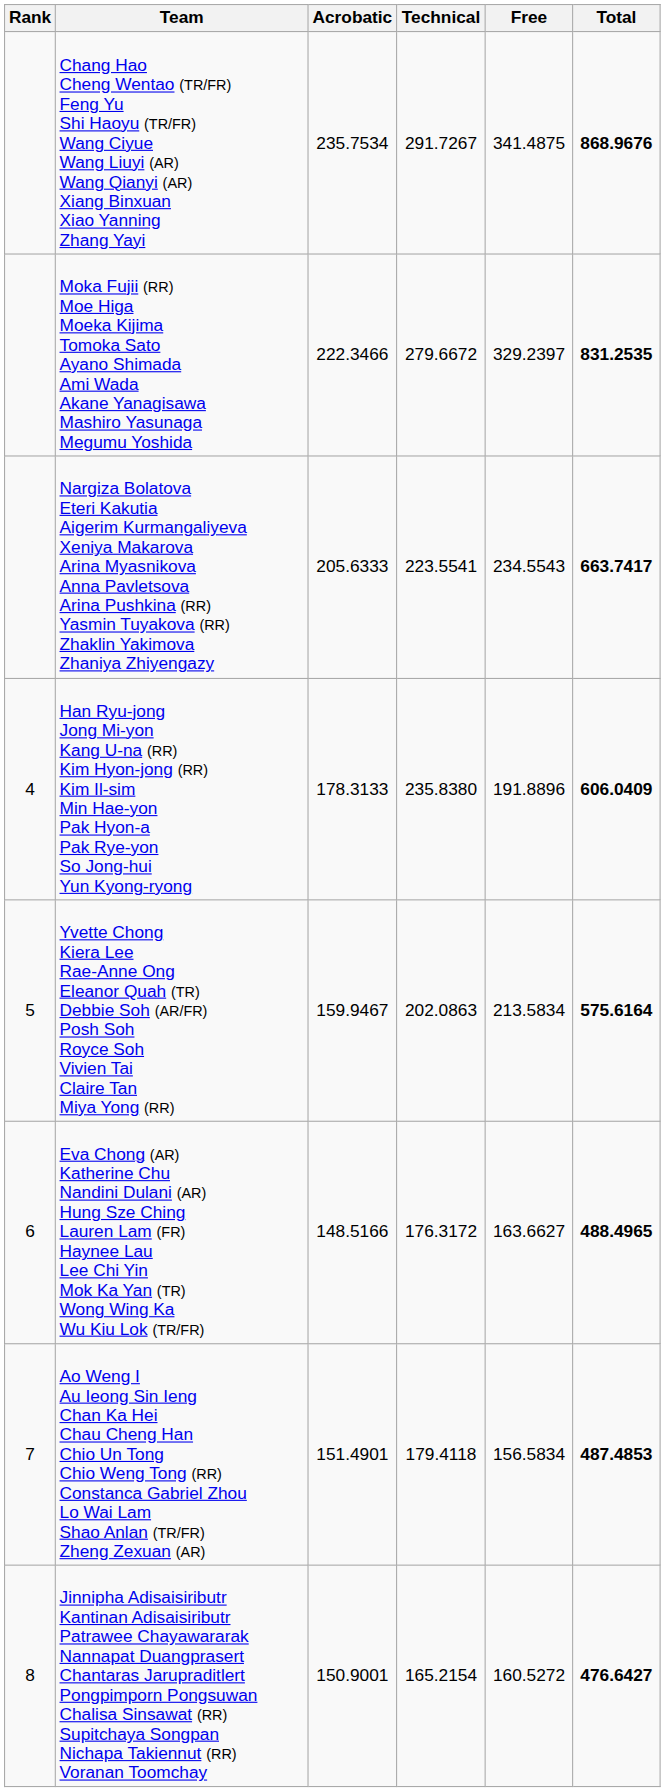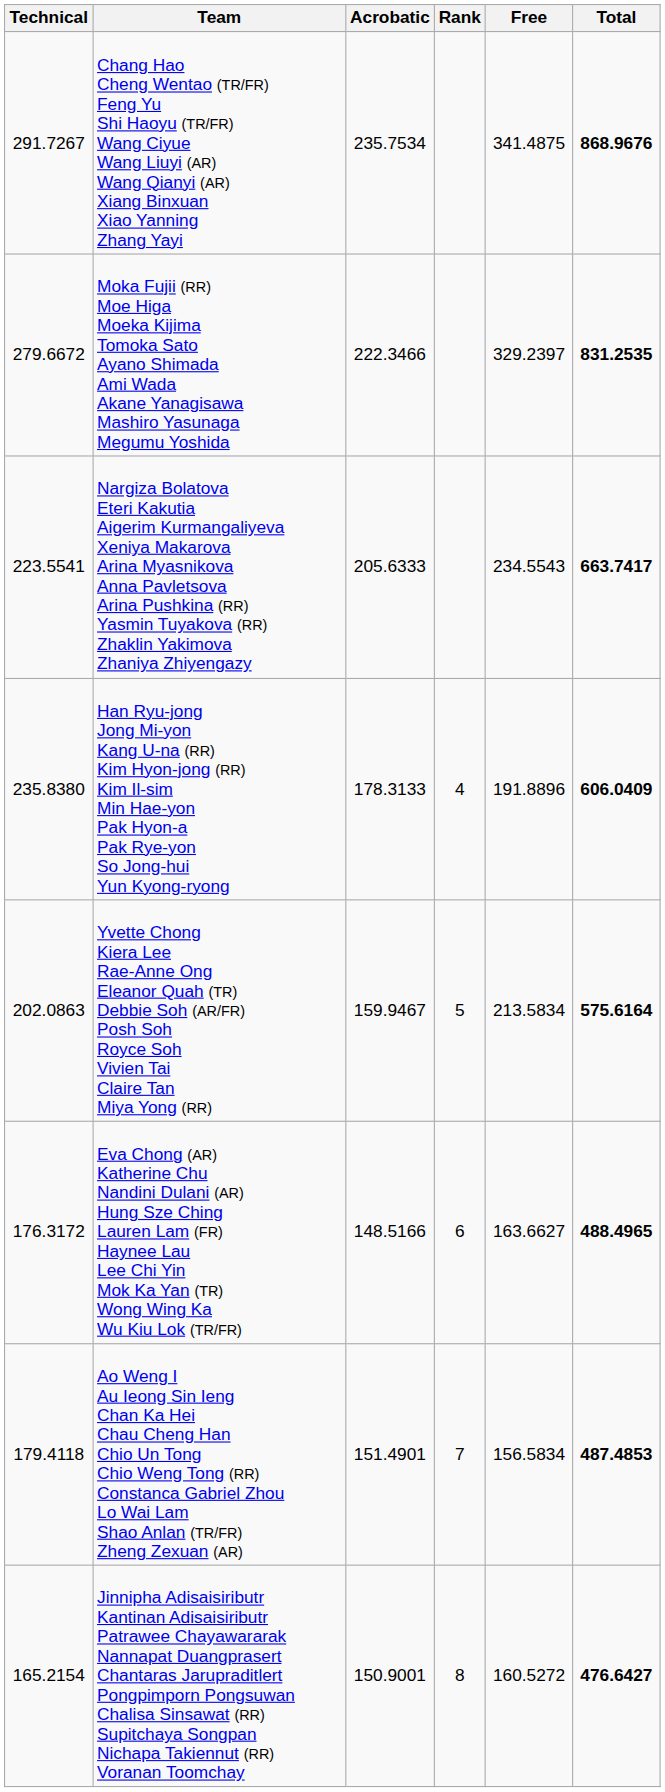 <table class=wikitable style="text-align:center">
 <tr>
-<th width=40>Rank</th>
+<th width=75>Technical</th>
 <th width=250>Team</th>
 <th width=75>Acrobatic</th>
-<th width=75>Technical</th>
+<th width=40>Rank</th>
 <th width=75>Free</th>
 <th width=75>Total</th>
 </tr>
 <tr>
-<td></td>
+<td>291.7267</td>
 <td align=left><br><a href='#'>Chang Hao</a><br><a href='#'>Cheng Wentao</a> <small>(TR/FR)</small><br><a href='#'>Feng Yu</a><br><a href='#'>Shi Haoyu</a> <small>(TR/FR)</small><br><a href='#'>Wang Ciyue</a><br><a href='#'>Wang Liuyi</a> <small>(AR)</small><br><a href='#'>Wang Qianyi</a> <small>(AR)</small><br><a href='#'>Xiang Binxuan</a><br><a href='#'>Xiao Yanning</a><br><a href='#'>Zhang Yayi</a></td>
 <td>235.7534</td>
-<td>291.7267</td>
+<td></td>
 <td>341.4875</td>
 <td><strong>868.9676</strong></td>
 </tr>
 <tr>
-<td></td>
+<td>279.6672</td>
 <td align=left><br><a href='#'>Moka Fujii</a> <small>(RR)</small><br><a href='#'>Moe Higa</a><br><a href='#'>Moeka Kijima</a><br><a href='#'>Tomoka Sato</a><br><a href='#'>Ayano Shimada</a> <br><a href='#'>Ami Wada</a><br><a href='#'>Akane Yanagisawa</a><br><a href='#'>Mashiro Yasunaga</a><br><a href='#'>Megumu Yoshida</a></td>
 <td>222.3466</td>
-<td>279.6672</td>
+<td></td>
 <td>329.2397</td>
 <td><strong>831.2535</strong></td>
 </tr>
 <tr>
-<td></td>
+<td>223.5541</td>
 <td align=left><br><a href='#'>Nargiza Bolatova</a><br><a href='#'>Eteri Kakutia</a><br><a href='#'>Aigerim Kurmangaliyeva</a><br><a href='#'>Xeniya Makarova</a><br><a href='#'>Arina Myasnikova</a><br><a href='#'>Anna Pavletsova</a><br><a href='#'>Arina Pushkina</a> <small>(RR)</small><br><a href='#'>Yasmin Tuyakova</a> <small>(RR)</small><br><a href='#'>Zhaklin Yakimova</a><br><a href='#'>Zhaniya Zhiyengazy</a></td>
 <td>205.6333</td>
-<td>223.5541</td>
+<td></td>
 <td>234.5543</td>
 <td><strong>663.7417</strong></td>
 </tr>
 <tr>
-<td>4</td>
+<td>235.8380</td>
 <td align=left><br><a href='#'>Han Ryu-jong</a><br><a href='#'>Jong Mi-yon</a><br><a href='#'>Kang U-na</a> <small>(RR)</small><br><a href='#'>Kim Hyon-jong</a> <small>(RR)</small><br><a href='#'>Kim Il-sim</a><br><a href='#'>Min Hae-yon</a><br><a href='#'>Pak Hyon-a</a><br><a href='#'>Pak Rye-yon</a><br><a href='#'>So Jong-hui</a> <br><a href='#'>Yun Kyong-ryong</a></td>
 <td>178.3133</td>
-<td>235.8380</td>
+<td>4</td>
 <td>191.8896</td>
 <td><strong>606.0409</strong></td>
 </tr>
 <tr>
-<td>5</td>
+<td>202.0863</td>
 <td align=left><br><a href='#'>Yvette Chong</a><br><a href='#'>Kiera Lee</a><br><a href='#'>Rae-Anne Ong</a><br><a href='#'>Eleanor Quah</a> <small>(TR)</small><br><a href='#'>Debbie Soh</a> <small>(AR/FR)</small><br><a href='#'>Posh Soh</a><br><a href='#'>Royce Soh</a><br><a href='#'>Vivien Tai</a><br><a href='#'>Claire Tan</a><br><a href='#'>Miya Yong</a> <small>(RR)</small></td>
 <td>159.9467</td>
-<td>202.0863</td>
+<td>5</td>
 <td>213.5834</td>
 <td><strong>575.6164</strong></td>
 </tr>
 <tr>
-<td>6</td>
+<td>176.3172</td>
 <td align=left><br><a href='#'>Eva Chong</a> <small>(AR)</small><br><a href='#'>Katherine Chu</a><br><a href='#'>Nandini Dulani</a> <small>(AR)</small><br><a href='#'>Hung Sze Ching</a><br><a href='#'>Lauren Lam</a> <small>(FR)</small><br><a href='#'>Haynee Lau</a><br><a href='#'>Lee Chi Yin</a><br><a href='#'>Mok Ka Yan</a> <small>(TR)</small><br><a href='#'>Wong Wing Ka</a><br><a href='#'>Wu Kiu Lok</a> <small>(TR/FR)</small></td>
 <td>148.5166</td>
-<td>176.3172</td>
+<td>6</td>
 <td>163.6627</td>
 <td><strong>488.4965</strong></td>
 </tr>
 <tr>
-<td>7</td>
+<td>179.4118</td>
 <td align=left><br><a href='#'>Ao Weng I</a><br><a href='#'>Au Ieong Sin Ieng</a> <br><a href='#'>Chan Ka Hei</a><br><a href='#'>Chau Cheng Han</a><br><a href='#'>Chio Un Tong</a><br><a href='#'>Chio Weng Tong</a> <small>(RR)</small><br><a href='#'>Constanca Gabriel Zhou</a><br><a href='#'>Lo Wai Lam</a><br><a href='#'>Shao Anlan</a> <small>(TR/FR)</small><br><a href='#'>Zheng Zexuan</a> <small>(AR)</small></td>
 <td>151.4901</td>
-<td>179.4118</td>
+<td>7</td>
 <td>156.5834</td>
 <td><strong>487.4853</strong></td>
 </tr>
 <tr>
-<td>8</td>
+<td>165.2154</td>
 <td align=left><br><a href='#'>Jinnipha Adisaisiributr</a><br><a href='#'>Kantinan Adisaisiributr</a><br><a href='#'>Patrawee Chayawararak</a><br><a href='#'>Nannapat Duangprasert</a><br><a href='#'>Chantaras Jarupraditlert</a><br><a href='#'>Pongpimporn Pongsuwan</a><br><a href='#'>Chalisa Sinsawat</a> <small>(RR)</small><br><a href='#'>Supitchaya Songpan</a><br><a href='#'>Nichapa Takiennut</a> <small>(RR)</small><br><a href='#'>Voranan Toomchay</a></td>
 <td>150.9001</td>
-<td>165.2154</td>
+<td>8</td>
 <td>160.5272</td>
 <td><strong>476.6427</strong></td>
 </tr>
 </table>
